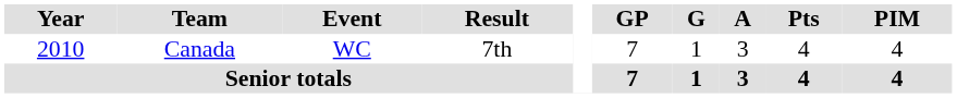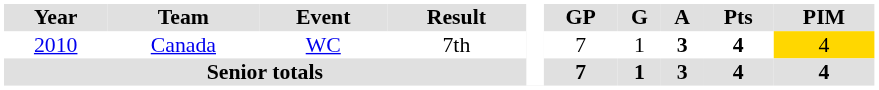 <table border="0" cellpadding="1" cellspacing="0" style="text-align:center; width:40em">
 <tr ALIGN="centre" bgcolor="#e0e0e0">
 <th>Year</th>
 <th>Team</th>
 <th>Event</th>
 <th>Result</th>
 <th rowspan="99" bgcolor="#ffffff"> </th>
 <th>GP</th>
 <th>G</th>
 <th>A</th>
 <th>Pts</th>
 <th>PIM</th>
 </tr>
 <tr>
 <td><a href='#'>2010</a></td>
 <td><a href='#'>Canada</a></td>
 <td><a href='#'>WC</a></td>
 <td>7th</td>
 <td>7</td>
 <td>1</td>
-<td>3</td>
-<td>4</td>
-<td>4</td>
+<td><strong>3</strong></td>
+<td><strong>4</strong></td>
+<td style="background: gold;">4</td>
 </tr>
 <tr bgcolor="#e0e0e0">
 <th colspan="4">Senior totals</th>
 <th>7</th>
 <th>1</th>
 <th>3</th>
 <th>4</th>
 <th>4</th>
 </tr>
 </table>
